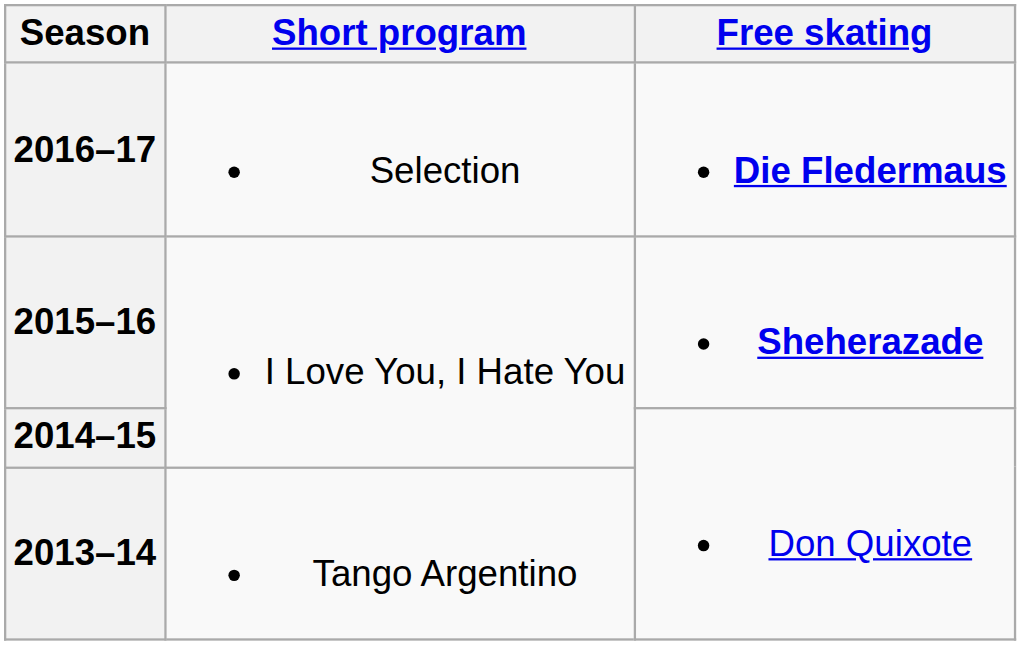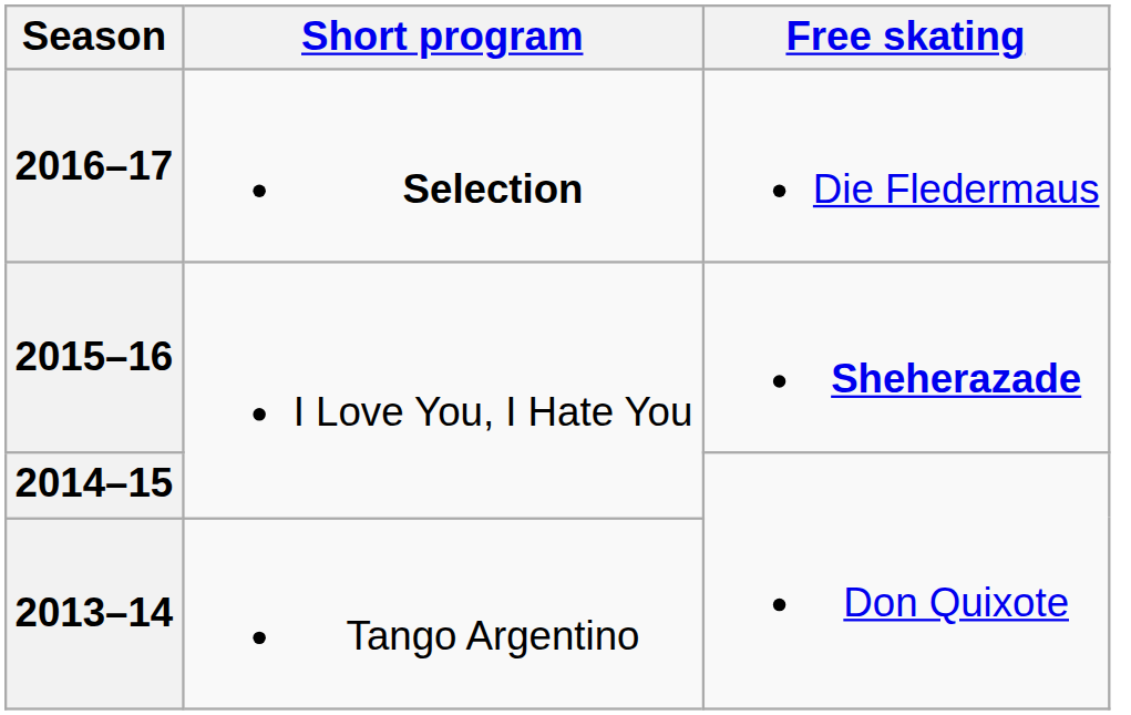 <table class=wikitable style=text-align:center>
 <tr>
 <th>Season</th>
 <th><a href='#'>Short program</a></th>
 <th><a href='#'>Free skating</a></th>
 </tr>
 <tr>
 <th>2016–17 <br> </th>
-<td><br><ul><li>Selection <br></li></ul></td>
-<td><strong><br><ul><li><a href='#'>Die Fledermaus</a> <br></li></ul></strong></td>
+<td><strong><br><ul><li>Selection <br></li></ul></strong></td>
+<td><br><ul><li><a href='#'>Die Fledermaus</a> <br></li></ul></td>
 </tr>
 <tr>
 <th>2015–16 <br> </th>
 <td rowspan=2><br><ul><li>I Love You, I Hate You <br></li></ul></td>
 <td><strong><br><ul><li><a href='#'>Sheherazade</a> <br></li></ul></strong></td>
 </tr>
 <tr>
 <th>2014–15 <br> </th>
 <td rowspan=2><br><ul><li><a href='#'>Don Quixote</a> <br></li></ul></td>
 </tr>
 <tr>
 <th>2013–14 <br> </th>
 <td><br><ul><li>Tango Argentino</li></ul></td>
 </tr>
 </table>
